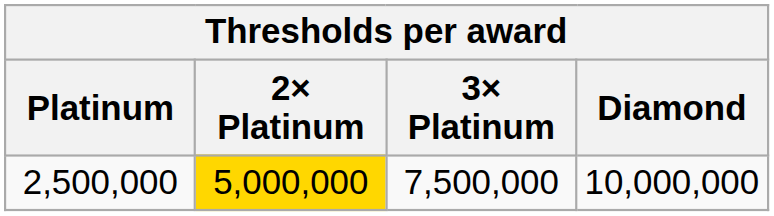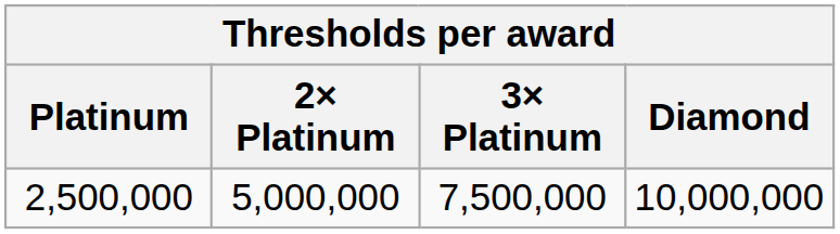 <table class=wikitable>
 <tr>
 <th colspan="4">Thresholds per award</th>
 </tr>
 <tr>
 <th>Platinum</th>
 <th>2× Platinum</th>
 <th>3× Platinum</th>
 <th>Diamond</th>
 </tr>
 <tr>
 <td align="center" width="80">2,500,000</td>
-<td align="center" width="80" style="background: gold;">5,000,000</td>
+<td align="center" width="80">5,000,000</td>
 <td align="center" width="80">7,500,000</td>
 <td align="center" width="80">10,000,000</td>
 </tr>
 </table>
